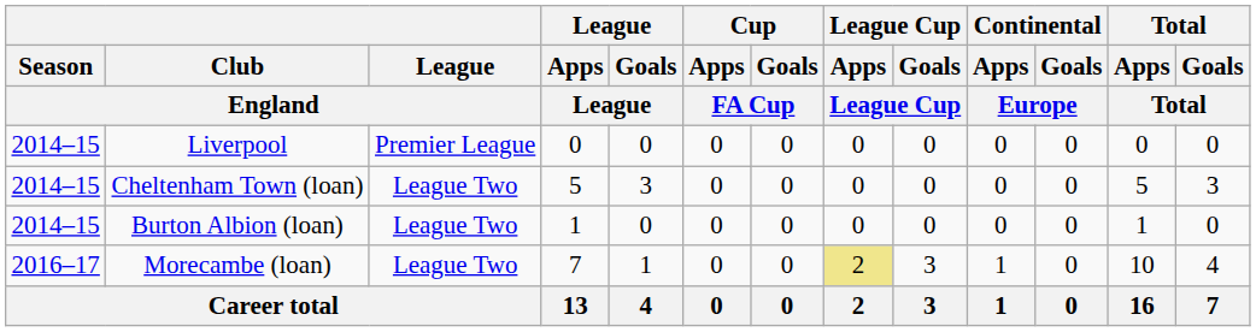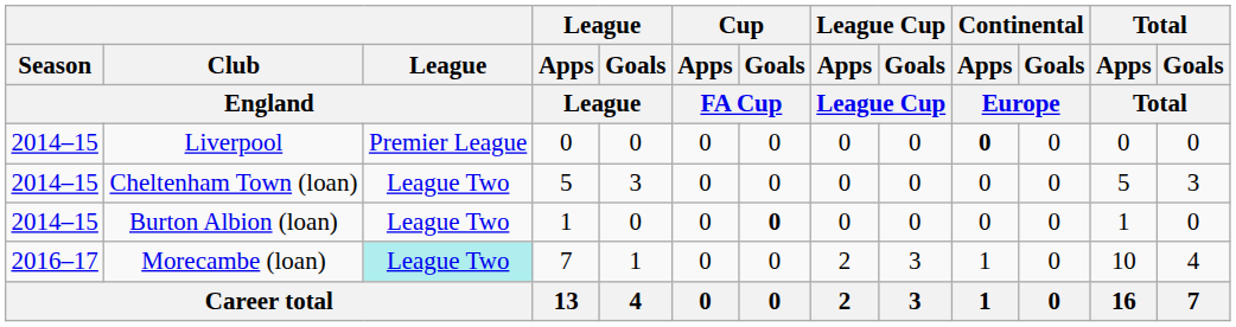 <table class="wikitable" style="text-align:center">
 <tr>
 <th colspan="3"></th>
 <th colspan="2">League</th>
 <th colspan="2">Cup</th>
 <th colspan="2">League Cup</th>
 <th colspan="2">Continental</th>
 <th colspan="2">Total</th>
 </tr>
 <tr>
 <th>Season</th>
 <th>Club</th>
 <th>League</th>
 <th>Apps</th>
 <th>Goals</th>
 <th>Apps</th>
 <th>Goals</th>
 <th>Apps</th>
 <th>Goals</th>
 <th>Apps</th>
 <th>Goals</th>
 <th>Apps</th>
 <th>Goals</th>
 </tr>
 <tr>
 <th colspan="3">England</th>
 <th colspan="2">League</th>
 <th colspan="2"><a href='#'>FA Cup</a></th>
 <th colspan="2"><a href='#'>League Cup</a></th>
 <th colspan="2"><a href='#'>Europe</a></th>
 <th colspan="2">Total</th>
 </tr>
 <tr>
 <td><a href='#'>2014–15</a></td>
 <td><a href='#'>Liverpool</a></td>
 <td><a href='#'>Premier League</a></td>
 <td>0</td>
 <td>0</td>
 <td>0</td>
 <td>0</td>
 <td>0</td>
 <td>0</td>
-<td>0</td>
+<td><strong>0</strong></td>
 <td>0</td>
 <td>0</td>
 <td>0</td>
 </tr>
 <tr>
 <td><a href='#'>2014–15</a></td>
 <td><a href='#'>Cheltenham Town</a> (loan)</td>
 <td><a href='#'>League Two</a></td>
 <td>5</td>
 <td>3</td>
 <td>0</td>
 <td>0</td>
 <td>0</td>
 <td>0</td>
 <td>0</td>
 <td>0</td>
 <td>5</td>
 <td>3</td>
 </tr>
 <tr>
 <td><a href='#'>2014–15</a></td>
 <td><a href='#'>Burton Albion</a> (loan)</td>
 <td><a href='#'>League Two</a></td>
 <td>1</td>
 <td>0</td>
 <td>0</td>
-<td>0</td>
+<td><strong>0</strong></td>
 <td>0</td>
 <td>0</td>
 <td>0</td>
 <td>0</td>
 <td>1</td>
 <td>0</td>
 </tr>
 <tr>
 <td><a href='#'>2016–17</a></td>
 <td><a href='#'>Morecambe</a> (loan)</td>
-<td><a href='#'>League Two</a></td>
+<td style="background: paleturquoise;"><a href='#'>League Two</a></td>
 <td>7</td>
 <td>1</td>
 <td>0</td>
 <td>0</td>
-<td style="background: khaki;">2</td>
+<td>2</td>
 <td>3</td>
 <td>1</td>
 <td>0</td>
 <td>10</td>
 <td>4</td>
 </tr>
 <tr>
 <th colspan=3>Career total</th>
 <th>13</th>
 <th>4</th>
 <th>0</th>
 <th>0</th>
 <th>2</th>
 <th>3</th>
 <th>1</th>
 <th>0</th>
 <th>16</th>
 <th>7</th>
 </tr>
 </table>
